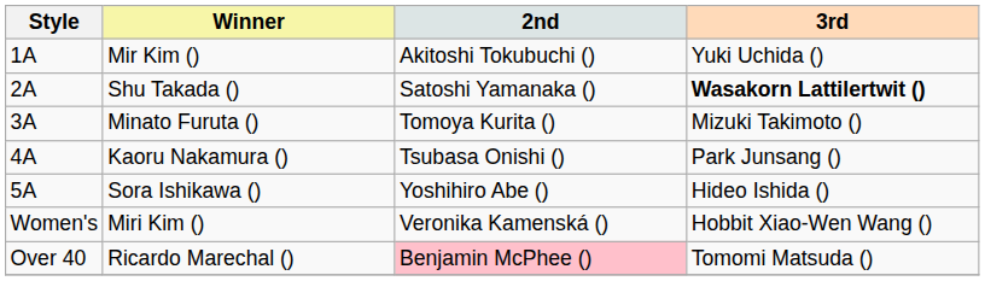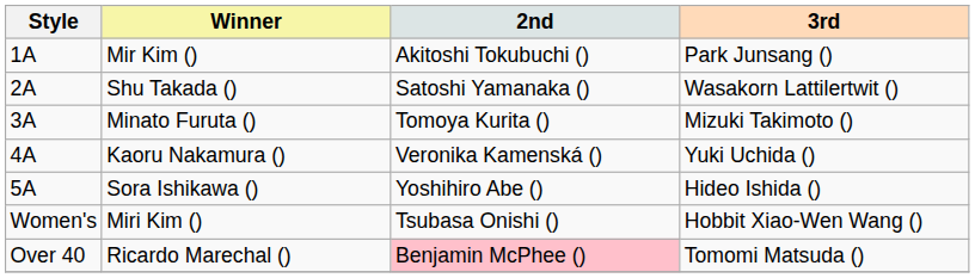 <table class="wikitable">
 <tr>
 <th style="background-color: width=5%">Style</th>
 <th style="background-color: #F7F6A8;" width=30%>Winner</th>
 <th style="background-color: #DCE5E5;" width=30%>2nd</th>
 <th style="background-color: #FFDAB9;" width=30%>3rd</th>
 </tr>
 <tr>
 <td>1A</td>
 <td>Mir Kim ()</td>
 <td>Akitoshi Tokubuchi ()</td>
-<td>Yuki Uchida ()</td>
+<td>Park Junsang ()</td>
 </tr>
 <tr>
 <td>2A</td>
 <td>Shu Takada ()</td>
 <td>Satoshi Yamanaka ()</td>
-<td><strong>Wasakorn Lattilertwit ()</strong></td>
+<td>Wasakorn Lattilertwit ()</td>
 </tr>
 <tr>
 <td>3A</td>
 <td>Minato Furuta ()</td>
 <td>Tomoya Kurita ()</td>
 <td>Mizuki Takimoto ()</td>
 </tr>
 <tr>
 <td>4A</td>
 <td>Kaoru Nakamura ()</td>
-<td>Tsubasa Onishi ()</td>
-<td>Park Junsang ()</td>
+<td>Veronika Kamenská ()</td>
+<td>Yuki Uchida ()</td>
 </tr>
 <tr>
 <td>5A</td>
 <td>Sora Ishikawa ()</td>
 <td>Yoshihiro Abe ()</td>
 <td>Hideo Ishida ()</td>
 </tr>
 <tr>
 <td>Women's</td>
 <td>Miri Kim ()</td>
-<td>Veronika Kamenská ()</td>
+<td>Tsubasa Onishi ()</td>
 <td>Hobbit Xiao-Wen Wang ()</td>
 </tr>
 <tr>
 <td>Over 40</td>
 <td>Ricardo Marechal ()</td>
 <td style="background: pink;">Benjamin McPhee ()</td>
 <td>Tomomi Matsuda ()</td>
 </tr>
 <tr>
 </tr>
 </table>
